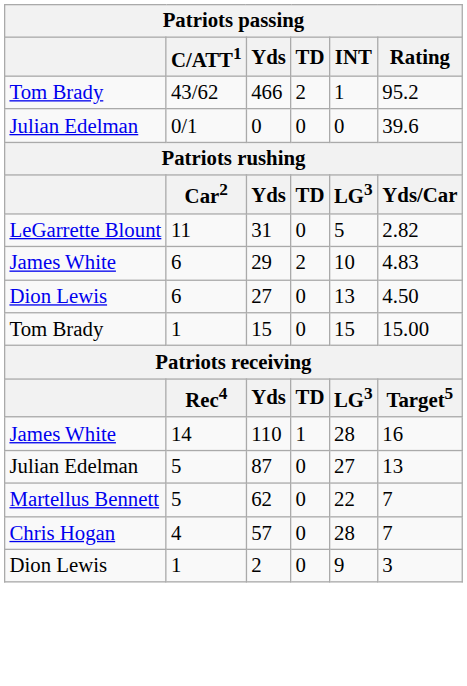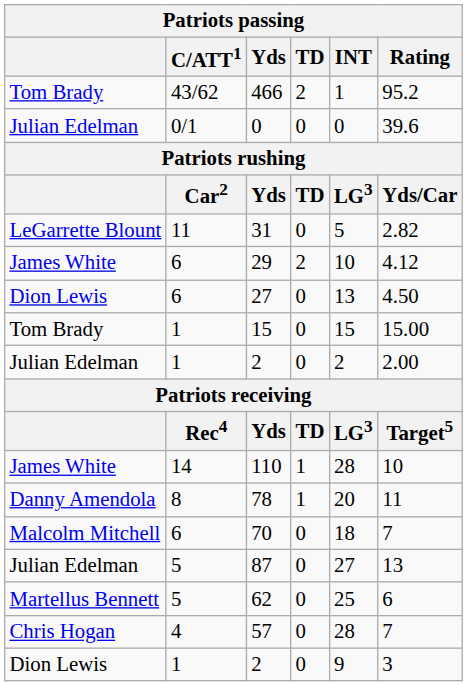 <table class="wikitable">
 <tr>
 <th colspan="6">Patriots passing</th>
 </tr>
 <tr>
 <th></th>
 <th>C/ATT<sup>1</sup></th>
 <th>Yds</th>
 <th>TD</th>
 <th>INT</th>
 <th>Rating</th>
 </tr>
 <tr>
 <td><a href='#'>Tom Brady</a></td>
 <td>43/62</td>
 <td>466</td>
 <td>2</td>
 <td>1</td>
 <td>95.2</td>
 </tr>
 <tr>
 <td><a href='#'>Julian Edelman</a></td>
 <td>0/1</td>
 <td>0</td>
 <td>0</td>
 <td>0</td>
 <td>39.6</td>
 </tr>
 <tr>
 <th colspan="6">Patriots rushing</th>
 </tr>
 <tr>
 <th></th>
 <th>Car<sup>2</sup></th>
 <th>Yds</th>
 <th>TD</th>
 <th>LG<sup>3</sup></th>
 <th>Yds/Car</th>
 </tr>
 <tr>
 <td><a href='#'>LeGarrette Blount</a></td>
 <td>11</td>
 <td>31</td>
 <td>0</td>
 <td>5</td>
 <td>2.82</td>
 </tr>
 <tr>
 <td><a href='#'>James White</a></td>
 <td>6</td>
 <td>29</td>
 <td>2</td>
 <td>10</td>
-<td>4.83</td>
+<td>4.12</td>
 </tr>
 <tr>
 <td><a href='#'>Dion Lewis</a></td>
 <td>6</td>
 <td>27</td>
 <td>0</td>
 <td>13</td>
 <td>4.50</td>
 </tr>
 <tr>
 <td>Tom Brady</td>
 <td>1</td>
 <td>15</td>
 <td>0</td>
 <td>15</td>
 <td>15.00</td>
 </tr>
 <tr>
+<td>Julian Edelman</td>
+<td>1</td>
+<td>2</td>
+<td>0</td>
+<td>2</td>
+<td>2.00</td>
+</tr>
+<tr>
 <th colspan="6">Patriots receiving</th>
 </tr>
 <tr>
 <th></th>
 <th>Rec<sup>4</sup></th>
 <th>Yds</th>
 <th>TD</th>
 <th>LG<sup>3</sup></th>
 <th>Target<sup>5</sup></th>
 </tr>
 <tr>
 <td><a href='#'>James White</a></td>
 <td>14</td>
 <td>110</td>
 <td>1</td>
 <td>28</td>
-<td>16</td>
+<td>10</td>
+</tr>
+<tr>
+<td><a href='#'>Danny Amendola</a></td>
+<td>8</td>
+<td>78</td>
+<td>1</td>
+<td>20</td>
+<td>11</td>
+</tr>
+<tr>
+<td><a href='#'>Malcolm Mitchell</a></td>
+<td>6</td>
+<td>70</td>
+<td>0</td>
+<td>18</td>
+<td>7</td>
 </tr>
 <tr>
 <td>Julian Edelman</td>
 <td>5</td>
 <td>87</td>
 <td>0</td>
 <td>27</td>
 <td>13</td>
 </tr>
 <tr>
 <td><a href='#'>Martellus Bennett</a></td>
 <td>5</td>
 <td>62</td>
 <td>0</td>
-<td>22</td>
-<td>7</td>
+<td>25</td>
+<td>6</td>
 </tr>
 <tr>
 <td><a href='#'>Chris Hogan</a></td>
 <td>4</td>
 <td>57</td>
 <td>0</td>
 <td>28</td>
 <td>7</td>
 </tr>
 <tr>
 <td>Dion Lewis</td>
 <td>1</td>
 <td>2</td>
 <td>0</td>
 <td>9</td>
 <td>3</td>
 </tr>
 </table>
